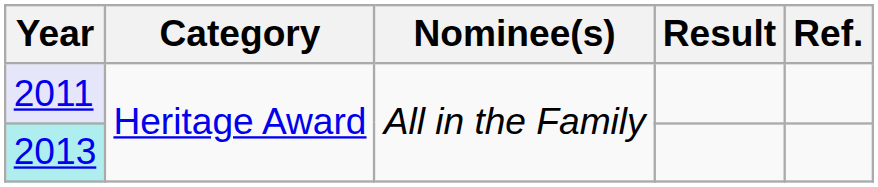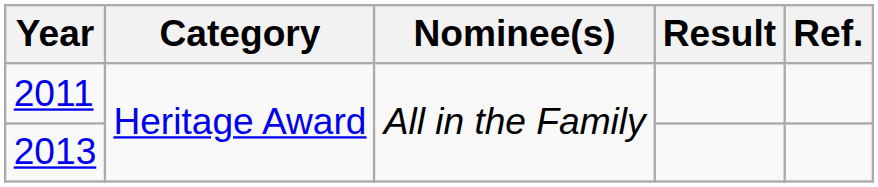 <table class="wikitable">
 <tr>
 <th>Year</th>
 <th>Category</th>
 <th>Nominee(s)</th>
 <th>Result</th>
 <th>Ref.</th>
 </tr>
 <tr>
-<td style="background: lavender;"><a href='#'>2011</a></td>
+<td><a href='#'>2011</a></td>
 <td rowspan="2"><a href='#'>Heritage Award</a></td>
 <td rowspan="2"><em>All in the Family</em></td>
 <td></td>
 <td align="center"></td>
 </tr>
 <tr>
-<td style="background: paleturquoise;"><a href='#'>2013</a></td>
+<td><a href='#'>2013</a></td>
 <td></td>
 <td align="center"></td>
 </tr>
 </table>
